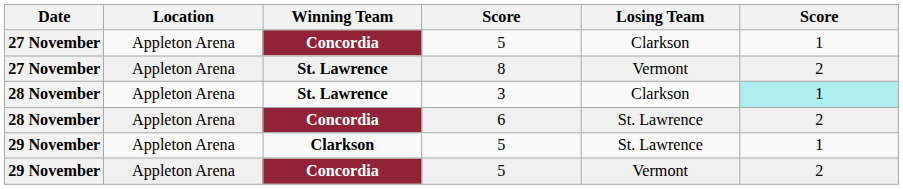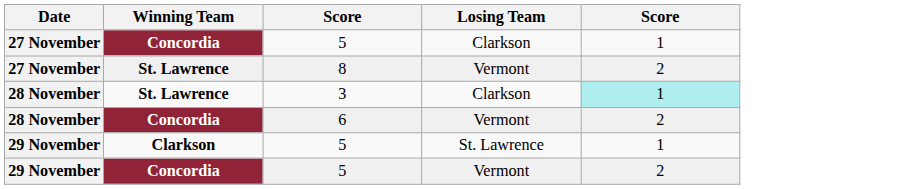 <table class="wikitable" style="text-align:center" cellpadding=2 cellspacing=2>
 <tr>
 <th>Date</th>
-<th scope="col" width="150">Location</th>
 <th scope="col" width="150">Winning Team</th>
 <th scope="col" width="150">Score</th>
 <th scope="col" width="150">Losing Team</th>
 <th scope="col" width="150">Score</th>
 </tr>
 <tr>
 <th>27 November</th>
-<td>Appleton Arena</td>
 <td style="color:white; background:#912338; "><strong>Concordia</strong></td>
 <td>5</td>
 <td>Clarkson</td>
 <td>1</td>
 </tr>
 <tr bgcolor=f0f0f0>
 <th>27 November</th>
-<td>Appleton Arena</td>
 <td><strong>St. Lawrence</strong></td>
 <td>8</td>
 <td>Vermont</td>
 <td>2</td>
 </tr>
 <tr>
 <th>28 November</th>
-<td>Appleton Arena</td>
 <td><strong>St. Lawrence</strong></td>
 <td>3</td>
 <td>Clarkson</td>
 <td style="background: paleturquoise;">1</td>
 </tr>
 <tr bgcolor=f0f0f0>
 <th>28 November</th>
-<td>Appleton Arena</td>
 <td style="color:white; background:#912338; "><strong>Concordia</strong></td>
 <td>6</td>
-<td>St. Lawrence</td>
+<td>Vermont</td>
 <td>2</td>
 </tr>
 <tr>
 <th>29 November</th>
-<td>Appleton Arena</td>
 <td><strong>Clarkson</strong></td>
 <td>5</td>
 <td>St. Lawrence</td>
 <td>1</td>
 </tr>
 <tr bgcolor=f0f0f0>
 <th>29 November</th>
-<td>Appleton Arena</td>
 <td style="color:white; background:#912338; "><strong>Concordia</strong></td>
 <td>5</td>
 <td>Vermont</td>
 <td>2</td>
 </tr>
 </table>
